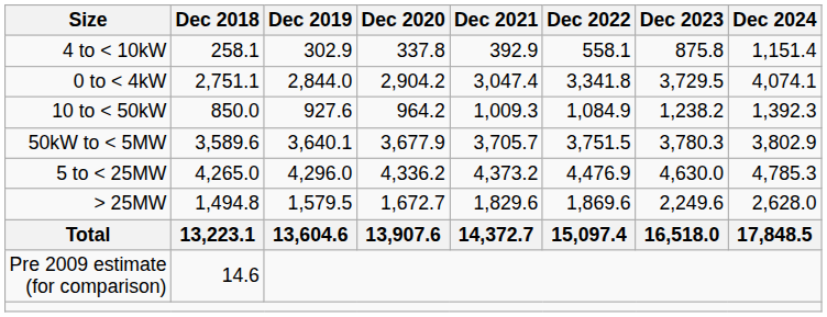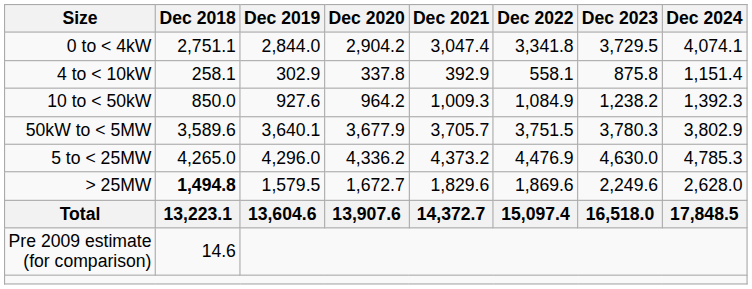 <table class="wikitable col1left" style="text-align:right;">
 <tr>
 <th>Size</th>
 <th>Dec 2018</th>
 <th>Dec 2019</th>
 <th>Dec 2020</th>
 <th>Dec 2021</th>
 <th>Dec 2022</th>
 <th>Dec 2023</th>
 <th>Dec 2024</th>
 </tr>
 <tr>
+<td>0 to < 4kW</td>
+<td>2,751.1</td>
+<td>2,844.0</td>
+<td>2,904.2</td>
+<td>3,047.4</td>
+<td>3,341.8</td>
+<td>3,729.5</td>
+<td>4,074.1</td>
+</tr>
+<tr>
 <td>4 to < 10kW</td>
 <td>258.1</td>
 <td>302.9</td>
 <td>337.8</td>
 <td>392.9</td>
 <td>558.1</td>
 <td>875.8</td>
 <td>1,151.4</td>
-</tr>
-<tr>
-<td>0 to < 4kW</td>
-<td>2,751.1</td>
-<td>2,844.0</td>
-<td>2,904.2</td>
-<td>3,047.4</td>
-<td>3,341.8</td>
-<td>3,729.5</td>
-<td>4,074.1</td>
 </tr>
 <tr>
 <td>10 to < 50kW</td>
 <td>850.0</td>
 <td>927.6</td>
 <td>964.2</td>
 <td>1,009.3</td>
 <td>1,084.9</td>
 <td>1,238.2</td>
 <td>1,392.3</td>
 </tr>
 <tr>
 <td>50kW to < 5MW</td>
 <td>3,589.6</td>
 <td>3,640.1</td>
 <td>3,677.9</td>
 <td>3,705.7</td>
 <td>3,751.5</td>
 <td>3,780.3</td>
 <td>3,802.9</td>
 </tr>
 <tr>
 <td>5 to < 25MW</td>
 <td>4,265.0</td>
 <td>4,296.0</td>
 <td>4,336.2</td>
 <td>4,373.2</td>
 <td>4,476.9</td>
 <td>4,630.0</td>
 <td>4,785.3</td>
 </tr>
 <tr>
 <td>> 25MW</td>
-<td>1,494.8</td>
+<td><strong>1,494.8</strong></td>
 <td>1,579.5</td>
 <td>1,672.7</td>
 <td>1,829.6</td>
 <td>1,869.6</td>
 <td>2,249.6</td>
 <td>2,628.0</td>
 </tr>
 <tr>
 <th>Total</th>
 <th>13,223.1</th>
 <th>13,604.6</th>
 <th>13,907.6</th>
 <th>14,372.7</th>
 <th>15,097.4</th>
 <th>16,518.0</th>
 <th>17,848.5</th>
 </tr>
 <tr>
 <td>Pre 2009 estimate<br>(for comparison)</td>
 <td align="right">14.6</td>
 </tr>
 <tr class="sortbottom">
 <td colspan="8" style="text-align:center"></td>
 </tr>
 </table>
